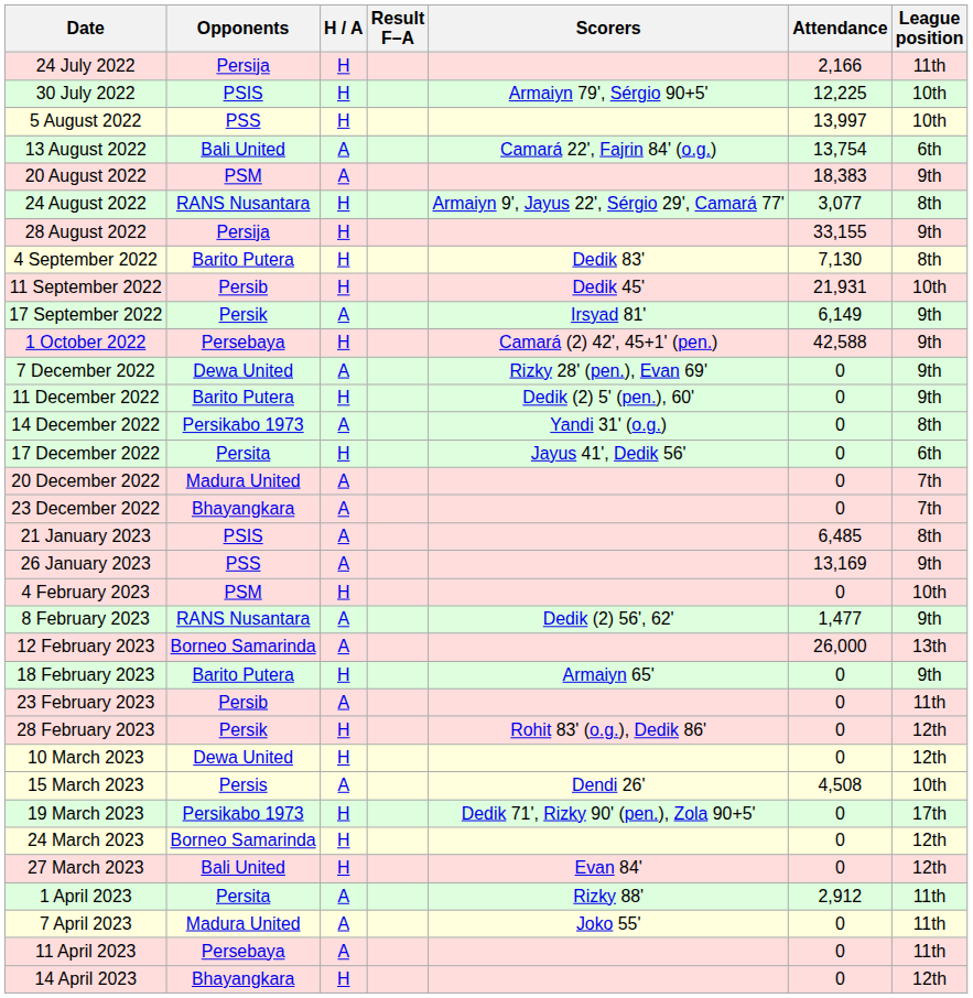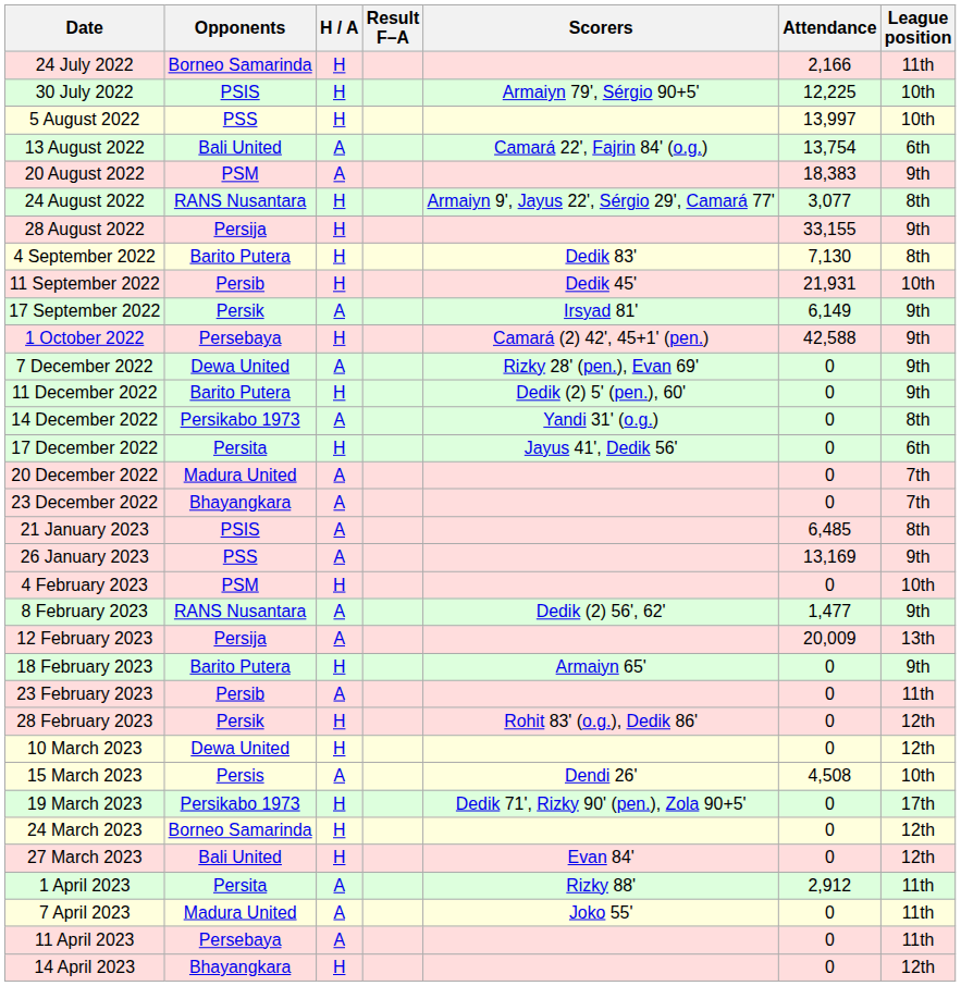 <table class="wikitable" style="text-align:center">
 <tr>
 <th>Date</th>
 <th>Opponents</th>
 <th>H / A</th>
 <th>Result<br>F–A</th>
 <th>Scorers</th>
 <th>Attendance</th>
 <th>League<br>position</th>
 </tr>
 <tr style="background:#ffdddd">
 <td>24 July 2022</td>
-<td><a href='#'>Persija</a></td>
+<td><a href='#'>Borneo Samarinda</a></td>
 <td><a href='#'>H</a></td>
 <td></td>
 <td></td>
 <td>2,166</td>
 <td>11th</td>
 </tr>
 <tr style="background:#ddffdd">
 <td>30 July 2022</td>
 <td><a href='#'>PSIS</a></td>
 <td><a href='#'>H</a></td>
 <td></td>
 <td><a href='#'>Armaiyn</a> 79', <a href='#'>Sérgio</a> 90+5'</td>
 <td>12,225</td>
 <td>10th</td>
 </tr>
 <tr style="background:#ffffdd">
 <td>5 August 2022</td>
 <td><a href='#'>PSS</a></td>
 <td><a href='#'>H</a></td>
 <td></td>
 <td></td>
 <td>13,997</td>
 <td>10th</td>
 </tr>
 <tr style="background:#ddffdd">
 <td>13 August 2022</td>
 <td><a href='#'>Bali United</a></td>
 <td><a href='#'>A</a></td>
 <td></td>
 <td><a href='#'>Camará</a> 22', <a href='#'>Fajrin</a> 84' (<a href='#'>o.g.</a>)</td>
 <td>13,754</td>
 <td>6th</td>
 </tr>
 <tr style="background:#ffdddd">
 <td>20 August 2022</td>
 <td><a href='#'>PSM</a></td>
 <td><a href='#'>A</a></td>
 <td></td>
 <td></td>
 <td>18,383</td>
 <td>9th</td>
 </tr>
 <tr style="background:#ddffdd">
 <td>24 August 2022</td>
 <td><a href='#'>RANS Nusantara</a></td>
 <td><a href='#'>H</a></td>
 <td></td>
 <td><a href='#'>Armaiyn</a> 9', <a href='#'>Jayus</a> 22', <a href='#'>Sérgio</a> 29', <a href='#'>Camará</a> 77'</td>
 <td>3,077</td>
 <td>8th</td>
 </tr>
 <tr style="background:#ffdddd">
 <td>28 August 2022</td>
 <td><a href='#'>Persija</a></td>
 <td><a href='#'>H</a></td>
 <td></td>
 <td></td>
 <td>33,155</td>
 <td>9th</td>
 </tr>
 <tr style="background:#ffffdd">
 <td>4 September 2022</td>
 <td><a href='#'>Barito Putera</a></td>
 <td><a href='#'>H</a></td>
 <td></td>
 <td><a href='#'>Dedik</a> 83'</td>
 <td>7,130</td>
 <td>8th</td>
 </tr>
 <tr style="background:#ffdddd">
 <td>11 September 2022</td>
 <td><a href='#'>Persib</a></td>
 <td><a href='#'>H</a></td>
 <td></td>
 <td><a href='#'>Dedik</a> 45'</td>
 <td>21,931</td>
 <td>10th</td>
 </tr>
 <tr style="background:#ddffdd">
 <td>17 September 2022</td>
 <td><a href='#'>Persik</a></td>
 <td><a href='#'>A</a></td>
 <td></td>
 <td><a href='#'>Irsyad</a> 81'</td>
 <td>6,149</td>
 <td>9th</td>
 </tr>
 <tr style="background:#ffdddd">
 <td><a href='#'>1 October 2022</a></td>
 <td><a href='#'>Persebaya</a></td>
 <td><a href='#'>H</a></td>
 <td></td>
 <td><a href='#'>Camará</a> (2) 42', 45+1' (<a href='#'>pen.</a>)</td>
 <td>42,588</td>
 <td>9th</td>
 </tr>
 <tr style="background:#ddffdd">
 <td>7 December 2022</td>
 <td><a href='#'>Dewa United</a></td>
 <td><a href='#'>A</a></td>
 <td></td>
 <td><a href='#'>Rizky</a> 28' (<a href='#'>pen.</a>), <a href='#'>Evan</a> 69'</td>
 <td>0</td>
 <td>9th</td>
 </tr>
 <tr style="background:#ddffdd">
 <td>11 December 2022</td>
 <td><a href='#'>Barito Putera</a></td>
 <td><a href='#'>H</a></td>
 <td></td>
 <td><a href='#'>Dedik</a> (2) 5' (<a href='#'>pen.</a>), 60'</td>
 <td>0</td>
 <td>9th</td>
 </tr>
 <tr style="background:#ddffdd">
 <td>14 December 2022</td>
 <td><a href='#'>Persikabo 1973</a></td>
 <td><a href='#'>A</a></td>
 <td></td>
 <td><a href='#'>Yandi</a> 31' (<a href='#'>o.g.</a>)</td>
 <td>0</td>
 <td>8th</td>
 </tr>
 <tr style="background:#ddffdd">
 <td>17 December 2022</td>
 <td><a href='#'>Persita</a></td>
 <td><a href='#'>H</a></td>
 <td></td>
 <td><a href='#'>Jayus</a> 41', <a href='#'>Dedik</a> 56'</td>
 <td>0</td>
 <td>6th</td>
 </tr>
 <tr style="background:#ffdddd">
 <td>20 December 2022</td>
 <td><a href='#'>Madura United</a></td>
 <td><a href='#'>A</a></td>
 <td></td>
 <td></td>
 <td>0</td>
 <td>7th</td>
 </tr>
 <tr style="background:#ffdddd">
 <td>23 December 2022</td>
 <td><a href='#'>Bhayangkara</a></td>
 <td><a href='#'>A</a></td>
 <td></td>
 <td></td>
 <td>0</td>
 <td>7th</td>
 </tr>
 <tr style="background:#ffdddd">
 <td>21 January 2023</td>
 <td><a href='#'>PSIS</a></td>
 <td><a href='#'>A</a></td>
 <td></td>
 <td></td>
 <td>6,485</td>
 <td>8th</td>
 </tr>
 <tr style="background:#ffdddd">
 <td>26 January 2023</td>
 <td><a href='#'>PSS</a></td>
 <td><a href='#'>A</a></td>
 <td></td>
 <td></td>
 <td>13,169</td>
 <td>9th</td>
 </tr>
 <tr style="background:#ffdddd">
 <td>4 February 2023</td>
 <td><a href='#'>PSM</a></td>
 <td><a href='#'>H</a></td>
 <td></td>
 <td></td>
 <td>0</td>
 <td>10th</td>
 </tr>
 <tr style="background:#ddffdd">
 <td>8 February 2023</td>
 <td><a href='#'>RANS Nusantara</a></td>
 <td><a href='#'>A</a></td>
 <td></td>
 <td><a href='#'>Dedik</a> (2) 56', 62'</td>
 <td>1,477</td>
 <td>9th</td>
 </tr>
 <tr style="background:#ffdddd">
 <td>12 February 2023</td>
-<td><a href='#'>Borneo Samarinda</a></td>
+<td><a href='#'>Persija</a></td>
 <td><a href='#'>A</a></td>
 <td></td>
 <td></td>
-<td>26,000</td>
+<td>20,009</td>
 <td>13th</td>
 </tr>
 <tr style="background:#ddffdd">
 <td>18 February 2023</td>
 <td><a href='#'>Barito Putera</a></td>
 <td><a href='#'>H</a></td>
 <td></td>
 <td><a href='#'>Armaiyn</a> 65'</td>
 <td>0</td>
 <td>9th</td>
 </tr>
 <tr style="background:#ffdddd">
 <td>23 February 2023</td>
 <td><a href='#'>Persib</a></td>
 <td><a href='#'>A</a></td>
 <td></td>
 <td></td>
 <td>0</td>
 <td>11th</td>
 </tr>
 <tr style="background:#ffdddd">
 <td>28 February 2023</td>
 <td><a href='#'>Persik</a></td>
 <td><a href='#'>H</a></td>
 <td></td>
 <td><a href='#'>Rohit</a> 83' (<a href='#'>o.g.</a>), <a href='#'>Dedik</a> 86'</td>
 <td>0</td>
 <td>12th</td>
 </tr>
 <tr style="background:#ffffdd">
 <td>10 March 2023</td>
 <td><a href='#'>Dewa United</a></td>
 <td><a href='#'>H</a></td>
 <td></td>
 <td></td>
 <td>0</td>
 <td>12th</td>
 </tr>
 <tr style="background:#ffffdd">
 <td>15 March 2023</td>
 <td><a href='#'>Persis</a></td>
 <td><a href='#'>A</a></td>
 <td></td>
 <td><a href='#'>Dendi</a> 26'</td>
 <td>4,508</td>
 <td>10th</td>
 </tr>
 <tr style="background:#ddffdd">
 <td>19 March 2023</td>
 <td><a href='#'>Persikabo 1973</a></td>
 <td><a href='#'>H</a></td>
 <td></td>
 <td><a href='#'>Dedik</a> 71', <a href='#'>Rizky</a> 90' (<a href='#'>pen.</a>), <a href='#'>Zola</a> 90+5'</td>
 <td>0</td>
 <td>17th</td>
 </tr>
 <tr style="background:#ffffdd">
 <td>24 March 2023</td>
 <td><a href='#'>Borneo Samarinda</a></td>
 <td><a href='#'>H</a></td>
 <td></td>
 <td></td>
 <td>0</td>
 <td>12th</td>
 </tr>
 <tr style="background:#ffdddd">
 <td>27 March 2023</td>
 <td><a href='#'>Bali United</a></td>
 <td><a href='#'>H</a></td>
 <td></td>
 <td><a href='#'>Evan</a> 84'</td>
 <td>0</td>
 <td>12th</td>
 </tr>
 <tr style="background:#ddffdd">
 <td>1 April 2023</td>
 <td><a href='#'>Persita</a></td>
 <td><a href='#'>A</a></td>
 <td></td>
 <td><a href='#'>Rizky</a> 88'</td>
 <td>2,912</td>
 <td>11th</td>
 </tr>
 <tr style="background:#ffffdd">
 <td>7 April 2023</td>
 <td><a href='#'>Madura United</a></td>
 <td><a href='#'>A</a></td>
 <td></td>
 <td><a href='#'>Joko</a> 55'</td>
 <td>0</td>
 <td>11th</td>
 </tr>
 <tr style="background:#ffdddd">
 <td>11 April 2023</td>
 <td><a href='#'>Persebaya</a></td>
 <td><a href='#'>A</a></td>
 <td></td>
 <td></td>
 <td>0</td>
 <td>11th</td>
 </tr>
 <tr style="background:#ffdddd">
 <td>14 April 2023</td>
 <td><a href='#'>Bhayangkara</a></td>
 <td><a href='#'>H</a></td>
 <td></td>
 <td></td>
 <td>0</td>
 <td>12th</td>
 </tr>
 </table>
